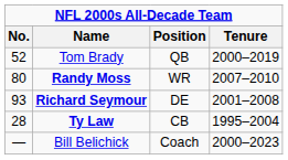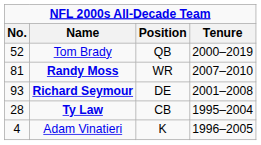 <table class="wikitable" style="text-align:center">
 <tr>
 <td colspan="4"><strong><a href='#'><span><u>NFL 2000s All-Decade Team</u></span></a></strong></td>
 </tr>
 <tr>
 <th>No.</th>
 <th>Name</th>
 <th>Position</th>
 <th>Tenure</th>
 </tr>
 <tr>
 <td>52</td>
 <td><a href='#'>Tom Brady</a></td>
 <td>QB</td>
 <td>2000–2019</td>
 </tr>
 <tr>
-<td>80</td>
+<td>81</td>
 <td><strong><a href='#'>Randy Moss</a></strong></td>
 <td>WR</td>
 <td>2007–2010</td>
 </tr>
 <tr>
 <td>93</td>
 <td><strong><a href='#'>Richard Seymour</a></strong></td>
 <td>DE</td>
 <td>2001–2008</td>
 </tr>
 <tr>
 <td>28</td>
 <td><strong><a href='#'>Ty Law</a></strong></td>
 <td>CB</td>
 <td>1995–2004</td>
 </tr>
 <tr>
-<td>—</td>
-<td><a href='#'>Bill Belichick</a></td>
-<td>Coach</td>
-<td>2000–2023</td>
+<td>4</td>
+<td><a href='#'>Adam Vinatieri</a></td>
+<td>K</td>
+<td>1996–2005</td>
 </tr>
 </table>
